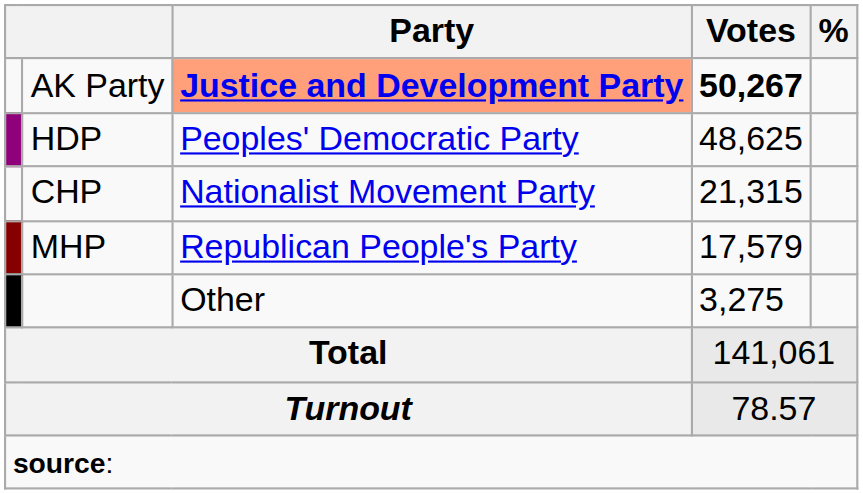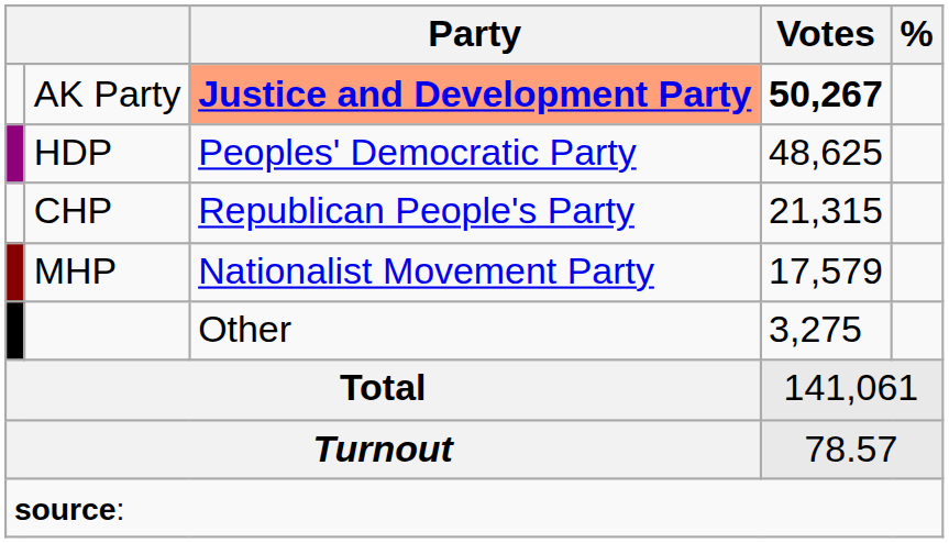 <table class="wikitable">
 <tr>
 <th colspan="2" align="center"></th>
 <th align="center">Party</th>
 <th align="center">Votes</th>
 <th align="center">%</th>
 </tr>
 <tr align="left">
 <td></td>
 <td>AK Party</td>
 <td style="background: lightsalmon;"><strong><a href='#'>Justice and Development Party</a></strong></td>
 <td><strong>50,267</strong></td>
 <td><strong></strong></td>
 </tr>
 <tr align="left">
 <td bgcolor="#91007B" width="1"></td>
 <td>HDP</td>
 <td><a href='#'>Peoples' Democratic Party</a></td>
 <td>48,625</td>
 <td></td>
 </tr>
 <tr align="left">
 <td></td>
 <td>CHP</td>
-<td><a href='#'>Nationalist Movement Party</a></td>
+<td><a href='#'>Republican People's Party</a></td>
 <td>21,315</td>
 <td></td>
 </tr>
 <tr align="left">
 <td bgcolor="#870000" width="1"></td>
 <td>MHP</td>
-<td><a href='#'>Republican People's Party</a></td>
+<td><a href='#'>Nationalist Movement Party</a></td>
 <td>17,579</td>
 <td></td>
 </tr>
 <tr align="left">
 <td bgcolor=" " width="1"></td>
 <td></td>
 <td>Other</td>
 <td>3,275</td>
 <td></td>
 </tr>
 <tr align="left" style="background-color:#E9E9E9">
 <th colspan="3" align="center"><strong>Total</strong></th>
 <td colspan="5" align="center">141,061</td>
 </tr>
 <tr align="left" style="background-color:#E9E9E9">
 <th colspan="3" align="center"><em>Turnout</em></th>
 <td colspan="5" align="center">78.57</td>
 </tr>
 <tr>
 <td colspan="9" align="left"><small><strong>source</strong>: </small></td>
 </tr>
 </table>
